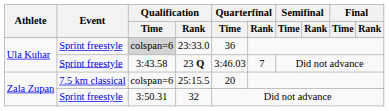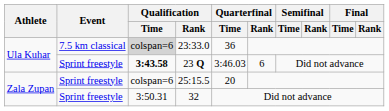 <table class="wikitable" style="font-size:90%">
 <tr>
 <th rowspan="2">Athlete</th>
 <th rowspan="2">Event</th>
 <th colspan="2">Qualification</th>
 <th colspan="2">Quarterfinal</th>
 <th colspan="2">Semifinal</th>
 <th colspan="2">Final</th>
 </tr>
 <tr style="font-size:95%">
 <th>Time</th>
 <th>Rank</th>
 <th>Time</th>
 <th>Rank</th>
 <th>Time</th>
 <th>Rank</th>
 <th>Time</th>
 <th>Rank</th>
 </tr>
 <tr align=center>
 <td align=left rowspan=2><a href='#'>Ula Kuhar</a></td>
-<td align=left><a href='#'>Sprint freestyle</a></td>
+<td align=left><a href='#'>7.5 km classical</a></td>
 <td style="background: lightgrey;">colspan=6</td>
 <td>23:33.0</td>
 <td>36</td>
 </tr>
 <tr align=center>
 <td align=left><a href='#'>Sprint freestyle</a></td>
-<td>3:43.58</td>
+<td><strong>3:43.58</strong></td>
 <td>23 <strong>Q</strong></td>
 <td>3:46.03</td>
-<td>7</td>
+<td>6</td>
 <td colspan=4>Did not advance</td>
 </tr>
 <tr align=center>
 <td align=left rowspan=2><a href='#'>Zala Zupan</a></td>
-<td align=left><a href='#'>7.5 km classical</a></td>
+<td align=left><a href='#'>Sprint freestyle</a></td>
 <td>colspan=6</td>
 <td>25:15.5</td>
 <td>20</td>
 </tr>
 <tr align=center>
 <td align=left><a href='#'>Sprint freestyle</a></td>
 <td>3:50.31</td>
 <td>32</td>
 <td colspan=6>Did not advance</td>
 </tr>
 </table>
